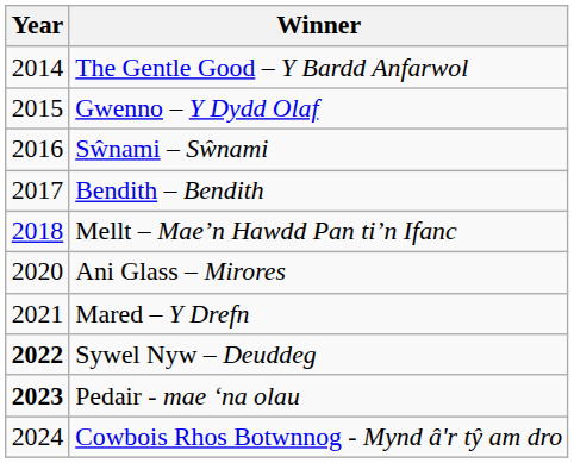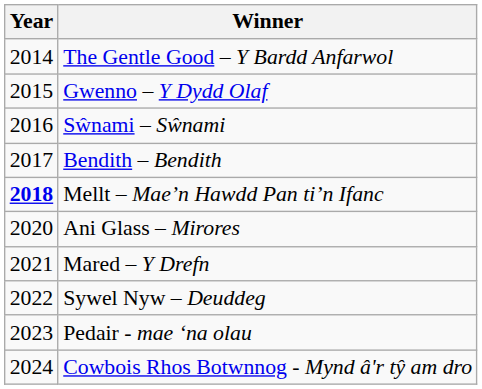 <table class="wikitable">
 <tr>
 <th>Year</th>
 <th>Winner</th>
 </tr>
 <tr>
 <td>2014</td>
 <td><a href='#'>The Gentle Good</a> – <em>Y Bardd Anfarwol</em></td>
 </tr>
 <tr>
 <td>2015</td>
 <td><a href='#'>Gwenno</a> – <em><a href='#'>Y Dydd Olaf</a></em></td>
 </tr>
 <tr>
 <td>2016</td>
 <td><a href='#'>Sŵnami</a> – <em>Sŵnami</em></td>
 </tr>
 <tr>
 <td>2017</td>
 <td><a href='#'>Bendith</a> – <em>Bendith</em></td>
 </tr>
 <tr>
-<td><a href='#'>2018</a></td>
+<td><strong><a href='#'>2018</a></strong></td>
 <td>Mellt – <em>Mae’n Hawdd Pan ti’n Ifanc</em></td>
 </tr>
 <tr>
 <td>2020</td>
 <td>Ani Glass ‒ <em>Mirores</em></td>
 </tr>
 <tr>
 <td>2021</td>
 <td>Mared – <em>Y Drefn</em></td>
 </tr>
 <tr>
-<td><strong>2022</strong></td>
+<td>2022</td>
 <td>Sywel Nyw – <em>Deuddeg</em></td>
 </tr>
 <tr>
-<td><strong>2023</strong></td>
+<td>2023</td>
 <td>Pedair - <em>mae ‘na olau</em></td>
 </tr>
 <tr>
 <td>2024</td>
 <td><a href='#'>Cowbois Rhos Botwnnog</a> - <em>Mynd â'r tŷ am dro</em></td>
 </tr>
 </table>
